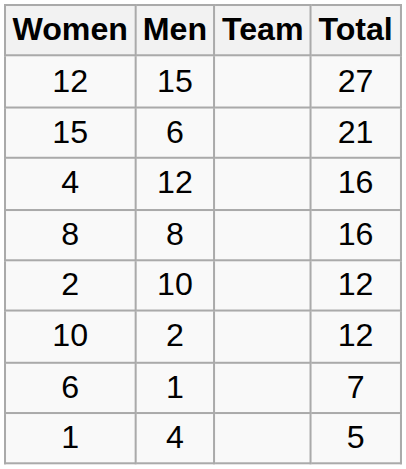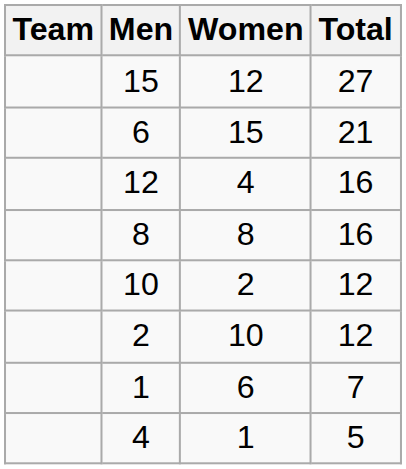 <table class=wikitable style="text-align:center">
 <tr>
+<th>Team</th>
+<th>Men</th>
 <th>Women</th>
-<th>Men</th>
-<th>Team</th>
 <th>Total</th>
 </tr>
 <tr>
+<td align=left></td>
+<td>15</td>
 <td>12</td>
-<td>15</td>
-<td align=left></td>
 <td>27</td>
 </tr>
 <tr>
+<td align=left></td>
+<td>6</td>
 <td>15</td>
-<td>6</td>
-<td align=left></td>
 <td>21</td>
 </tr>
 <tr>
+<td align=left></td>
+<td>12</td>
 <td>4</td>
-<td>12</td>
-<td align=left></td>
 <td>16</td>
 </tr>
 <tr>
+<td align=left></td>
 <td>8</td>
 <td>8</td>
-<td align=left></td>
 <td>16</td>
 </tr>
 <tr>
+<td align=left></td>
+<td>10</td>
 <td>2</td>
-<td>10</td>
-<td align=left></td>
 <td>12</td>
 </tr>
 <tr>
+<td align=left></td>
+<td>2</td>
 <td>10</td>
-<td>2</td>
-<td align=left></td>
 <td>12</td>
 </tr>
 <tr>
+<td align=left></td>
+<td>1</td>
 <td>6</td>
-<td>1</td>
-<td align=left></td>
 <td>7</td>
 </tr>
 <tr>
+<td align=left></td>
+<td>4</td>
 <td>1</td>
-<td>4</td>
-<td align=left></td>
 <td>5</td>
 </tr>
 </table>
